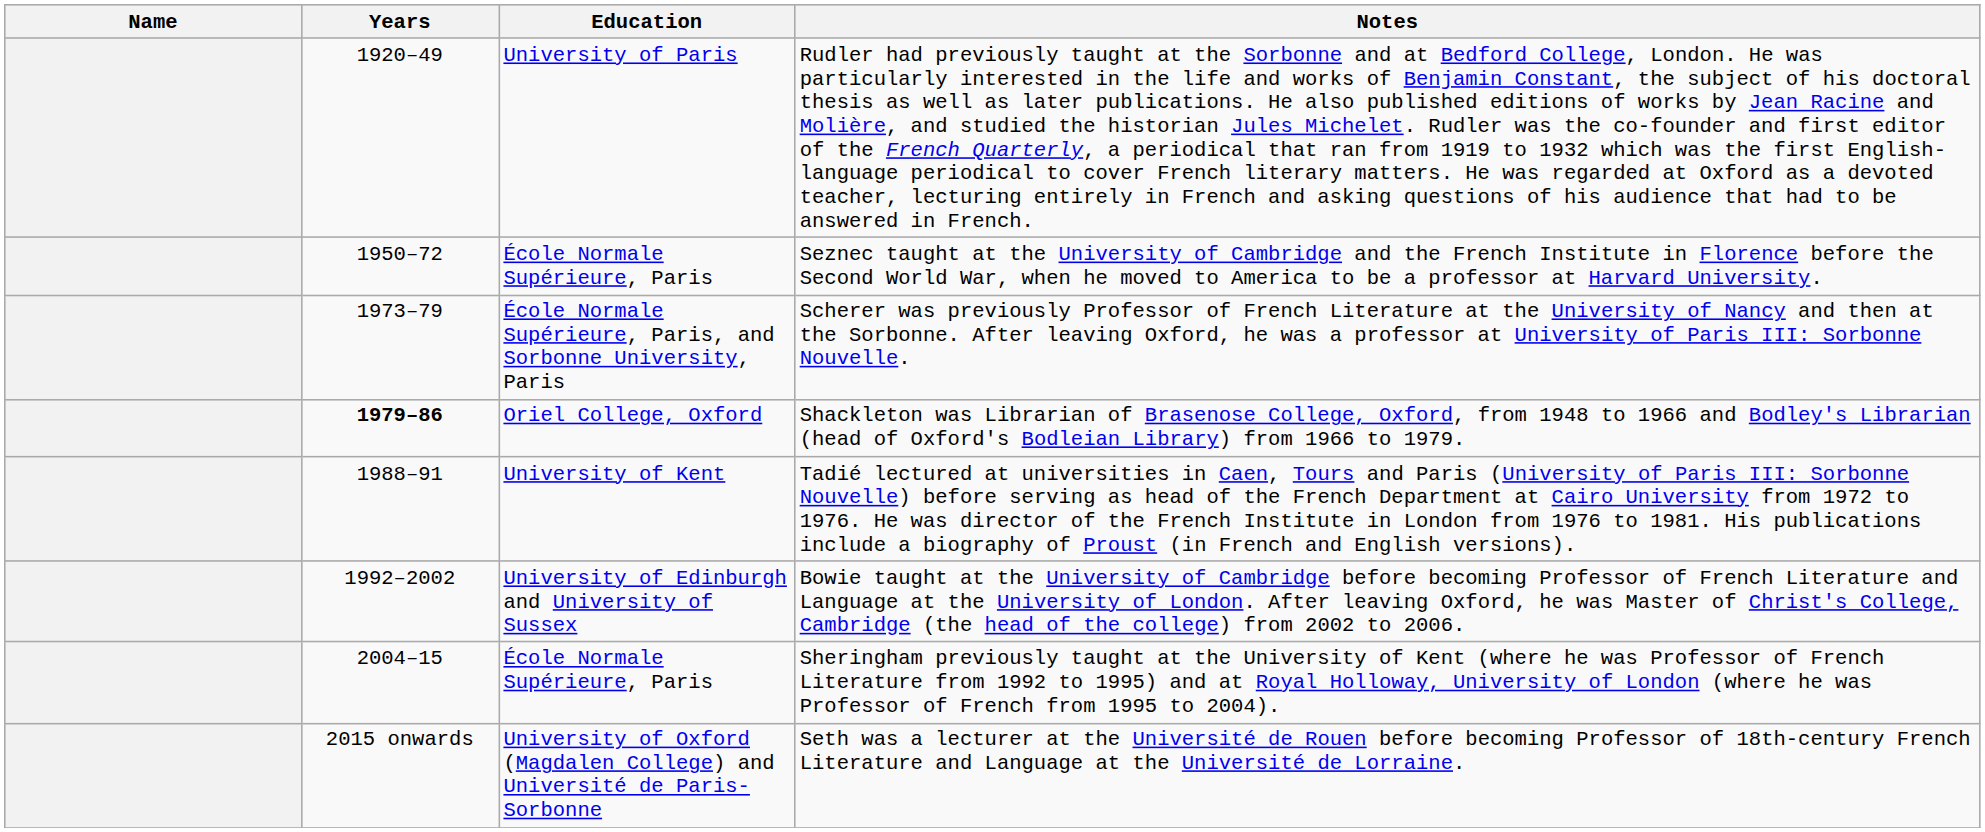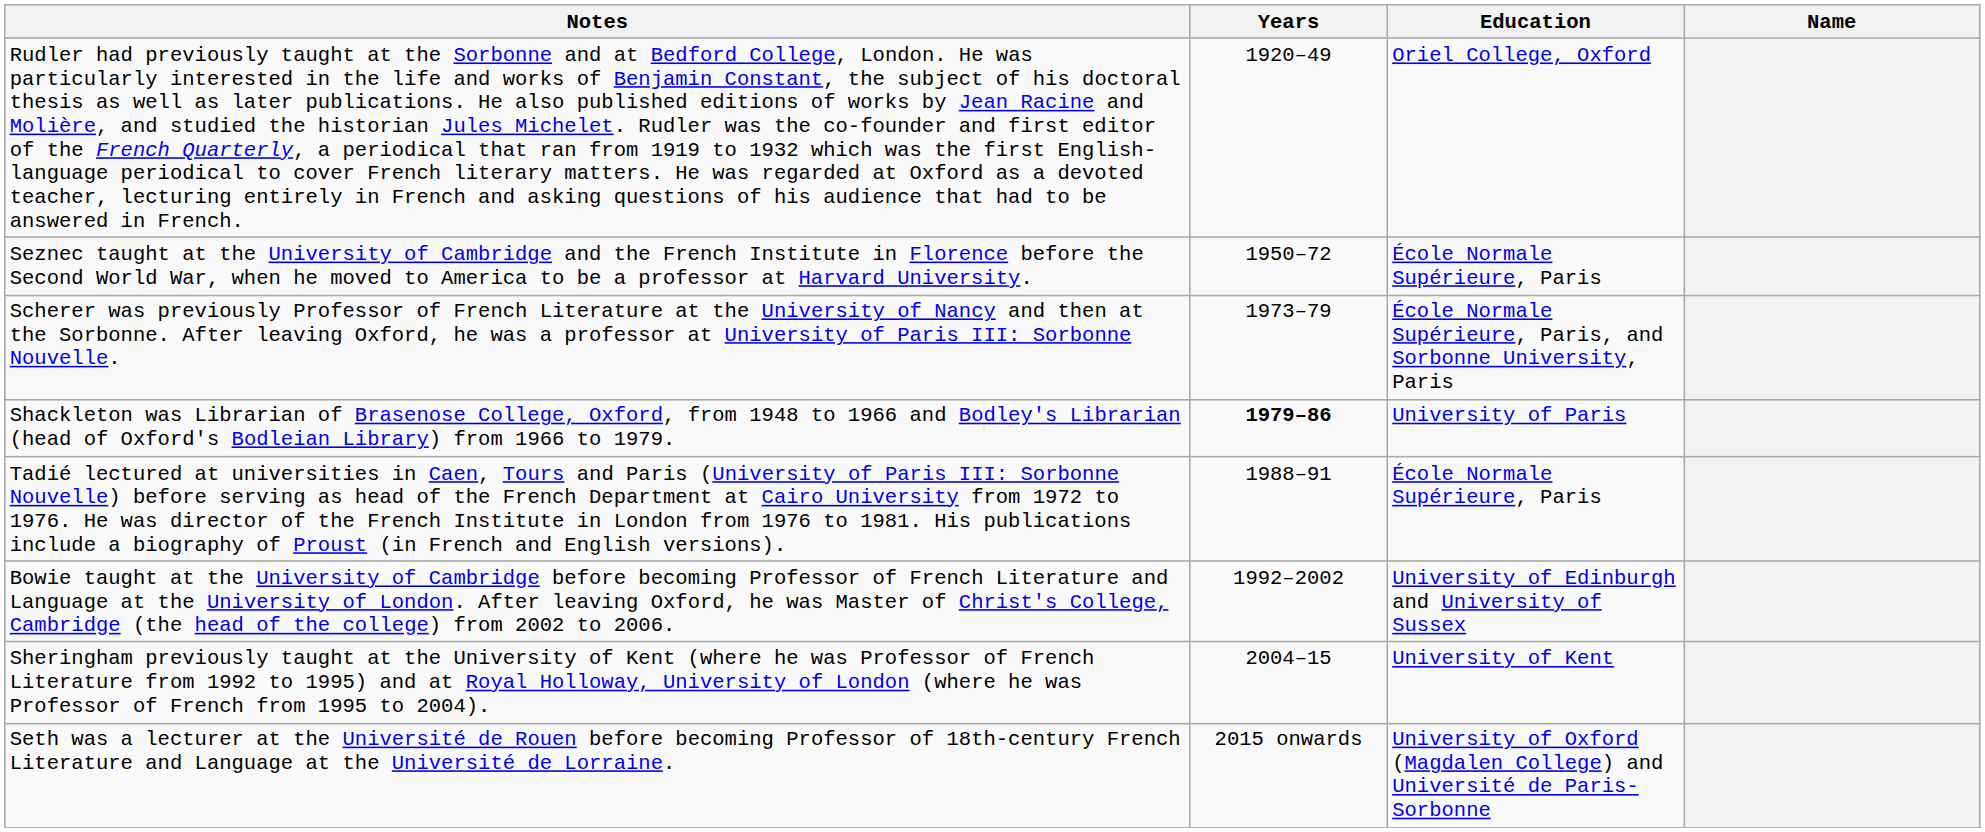 <table class="wikitable sortable">
 <tr>
-<th scope = "column" width=15%>Name</th>
+<th scope = "column" class="unsortable">Notes</th>
 <th scope = "column" width=10%>Years</th>
 <th scope = "column" width=15%>Education</th>
-<th scope = "column" class="unsortable">Notes</th>
+<th scope = "column" width=15%>Name</th>
 </tr>
 <tr valign="top">
+<td>Rudler had previously taught at the <a href='#'>Sorbonne</a> and at <a href='#'>Bedford College</a>, London. He was particularly interested in the life and works of <a href='#'>Benjamin Constant</a>, the subject of his doctoral thesis as well as later publications. He also published editions of works by <a href='#'>Jean Racine</a> and <a href='#'>Molière</a>, and studied the historian <a href='#'>Jules Michelet</a>. Rudler was the co-founder and first editor of the <em><a href='#'>French Quarterly</a></em>, a periodical that ran from 1919 to 1932 which was the first English-language periodical to cover French literary matters.  He was regarded at Oxford as a devoted teacher, lecturing entirely in French and asking questions of his audience that had to be answered in French.</td>
+<td align="center">1920–49</td>
+<td><a href='#'>Oriel College, Oxford</a></td>
 <th scope = "row"></th>
-<td align="center">1920–49</td>
-<td><a href='#'>University of Paris</a></td>
-<td>Rudler had previously taught at the <a href='#'>Sorbonne</a> and at <a href='#'>Bedford College</a>, London. He was particularly interested in the life and works of <a href='#'>Benjamin Constant</a>, the subject of his doctoral thesis as well as later publications. He also published editions of works by <a href='#'>Jean Racine</a> and <a href='#'>Molière</a>, and studied the historian <a href='#'>Jules Michelet</a>. Rudler was the co-founder and first editor of the <em><a href='#'>French Quarterly</a></em>, a periodical that ran from 1919 to 1932 which was the first English-language periodical to cover French literary matters.  He was regarded at Oxford as a devoted teacher, lecturing entirely in French and asking questions of his audience that had to be answered in French.</td>
 </tr>
 <tr valign="top">
-<th scope = "row"></th>
+<td>Seznec taught at the <a href='#'>University of Cambridge</a> and the French Institute in <a href='#'>Florence</a> before the Second World War, when he moved to America to be a professor at <a href='#'>Harvard University</a>.</td>
 <td align="center">1950–72</td>
 <td><a href='#'>École Normale Supérieure</a>, Paris</td>
-<td>Seznec taught at the <a href='#'>University of Cambridge</a> and the French Institute in <a href='#'>Florence</a> before the Second World War, when he moved to America to be a professor at <a href='#'>Harvard University</a>.</td>
+<th scope = "row"></th>
 </tr>
 <tr valign="top">
-<th scope = "row"></th>
+<td>Scherer was previously Professor of French Literature at the <a href='#'>University of Nancy</a> and then at the Sorbonne.  After leaving Oxford, he was a professor at <a href='#'>University of Paris III: Sorbonne Nouvelle</a>.</td>
 <td align="center">1973–79</td>
 <td><a href='#'>École Normale Supérieure</a>, Paris, and <a href='#'>Sorbonne University</a>, Paris</td>
-<td>Scherer was previously Professor of French Literature at the <a href='#'>University of Nancy</a> and then at the Sorbonne.  After leaving Oxford, he was a professor at <a href='#'>University of Paris III: Sorbonne Nouvelle</a>.</td>
+<th scope = "row"></th>
 </tr>
 <tr valign="top">
+<td>Shackleton was Librarian of <a href='#'>Brasenose College, Oxford</a>, from 1948 to 1966 and <a href='#'>Bodley's Librarian</a> (head of Oxford's <a href='#'>Bodleian Library</a>) from 1966 to 1979.</td>
+<td align="center"><strong>1979–86</strong></td>
+<td><a href='#'>University of Paris</a></td>
 <th scope = "row"></th>
-<td align="center"><strong>1979–86</strong></td>
-<td><a href='#'>Oriel College, Oxford</a></td>
-<td>Shackleton was Librarian of <a href='#'>Brasenose College, Oxford</a>, from 1948 to 1966 and <a href='#'>Bodley's Librarian</a> (head of Oxford's <a href='#'>Bodleian Library</a>) from 1966 to 1979.</td>
 </tr>
 <tr valign="top">
+<td>Tadié lectured at universities in <a href='#'>Caen</a>, <a href='#'>Tours</a> and Paris (<a href='#'>University of Paris III: Sorbonne Nouvelle</a>) before serving as head of the French Department at <a href='#'>Cairo University</a> from 1972 to 1976. He was director of the French Institute in London from 1976 to 1981. His publications include a biography of <a href='#'>Proust</a> (in French and English versions).</td>
+<td align="center">1988–91</td>
+<td><a href='#'>École Normale Supérieure</a>, Paris</td>
 <th scope = "row"></th>
-<td align="center">1988–91</td>
-<td><a href='#'>University of Kent</a></td>
-<td>Tadié lectured at universities in <a href='#'>Caen</a>, <a href='#'>Tours</a> and Paris (<a href='#'>University of Paris III: Sorbonne Nouvelle</a>) before serving as head of the French Department at <a href='#'>Cairo University</a> from 1972 to 1976. He was director of the French Institute in London from 1976 to 1981. His publications include a biography of <a href='#'>Proust</a> (in French and English versions).</td>
 </tr>
 <tr valign="top">
-<th scope = "row"></th>
+<td>Bowie taught at the <a href='#'>University of Cambridge</a> before becoming Professor of French Literature and Language at the <a href='#'>University of London</a>.  After leaving Oxford, he was Master of <a href='#'>Christ's College, Cambridge</a> (the <a href='#'>head of the college</a>) from 2002 to 2006.</td>
 <td align="center">1992–2002</td>
 <td><a href='#'>University of Edinburgh</a> and <a href='#'>University of Sussex</a></td>
-<td>Bowie taught at the <a href='#'>University of Cambridge</a> before becoming Professor of French Literature and Language at the <a href='#'>University of London</a>.  After leaving Oxford, he was Master of <a href='#'>Christ's College, Cambridge</a> (the <a href='#'>head of the college</a>) from 2002 to 2006.</td>
+<th scope = "row"></th>
 </tr>
 <tr valign="top">
+<td>Sheringham previously taught at the University of Kent (where he was Professor of French Literature from 1992 to 1995) and at <a href='#'>Royal Holloway, University of London</a> (where he was Professor of French from 1995 to 2004).</td>
+<td align="center">2004–15</td>
+<td><a href='#'>University of Kent</a></td>
 <th scope = "row"></th>
-<td align="center">2004–15</td>
-<td><a href='#'>École Normale Supérieure</a>, Paris</td>
-<td>Sheringham previously taught at the University of Kent (where he was Professor of French Literature from 1992 to 1995) and at <a href='#'>Royal Holloway, University of London</a> (where he was Professor of French from 1995 to 2004).</td>
 </tr>
 <tr valign="top">
-<th scope = "row"></th>
+<td>Seth was a lecturer at the <a href='#'>Université de Rouen</a> before becoming Professor of 18th-century French Literature and Language at the <a href='#'>Université de Lorraine</a>.</td>
 <td align="center">2015 onwards</td>
 <td><a href='#'>University of Oxford</a> (<a href='#'>Magdalen College</a>) and <a href='#'>Université de Paris-Sorbonne</a></td>
-<td>Seth was a lecturer at the <a href='#'>Université de Rouen</a> before becoming Professor of 18th-century French Literature and Language at the <a href='#'>Université de Lorraine</a>.</td>
+<th scope = "row"></th>
 </tr>
 </table>
